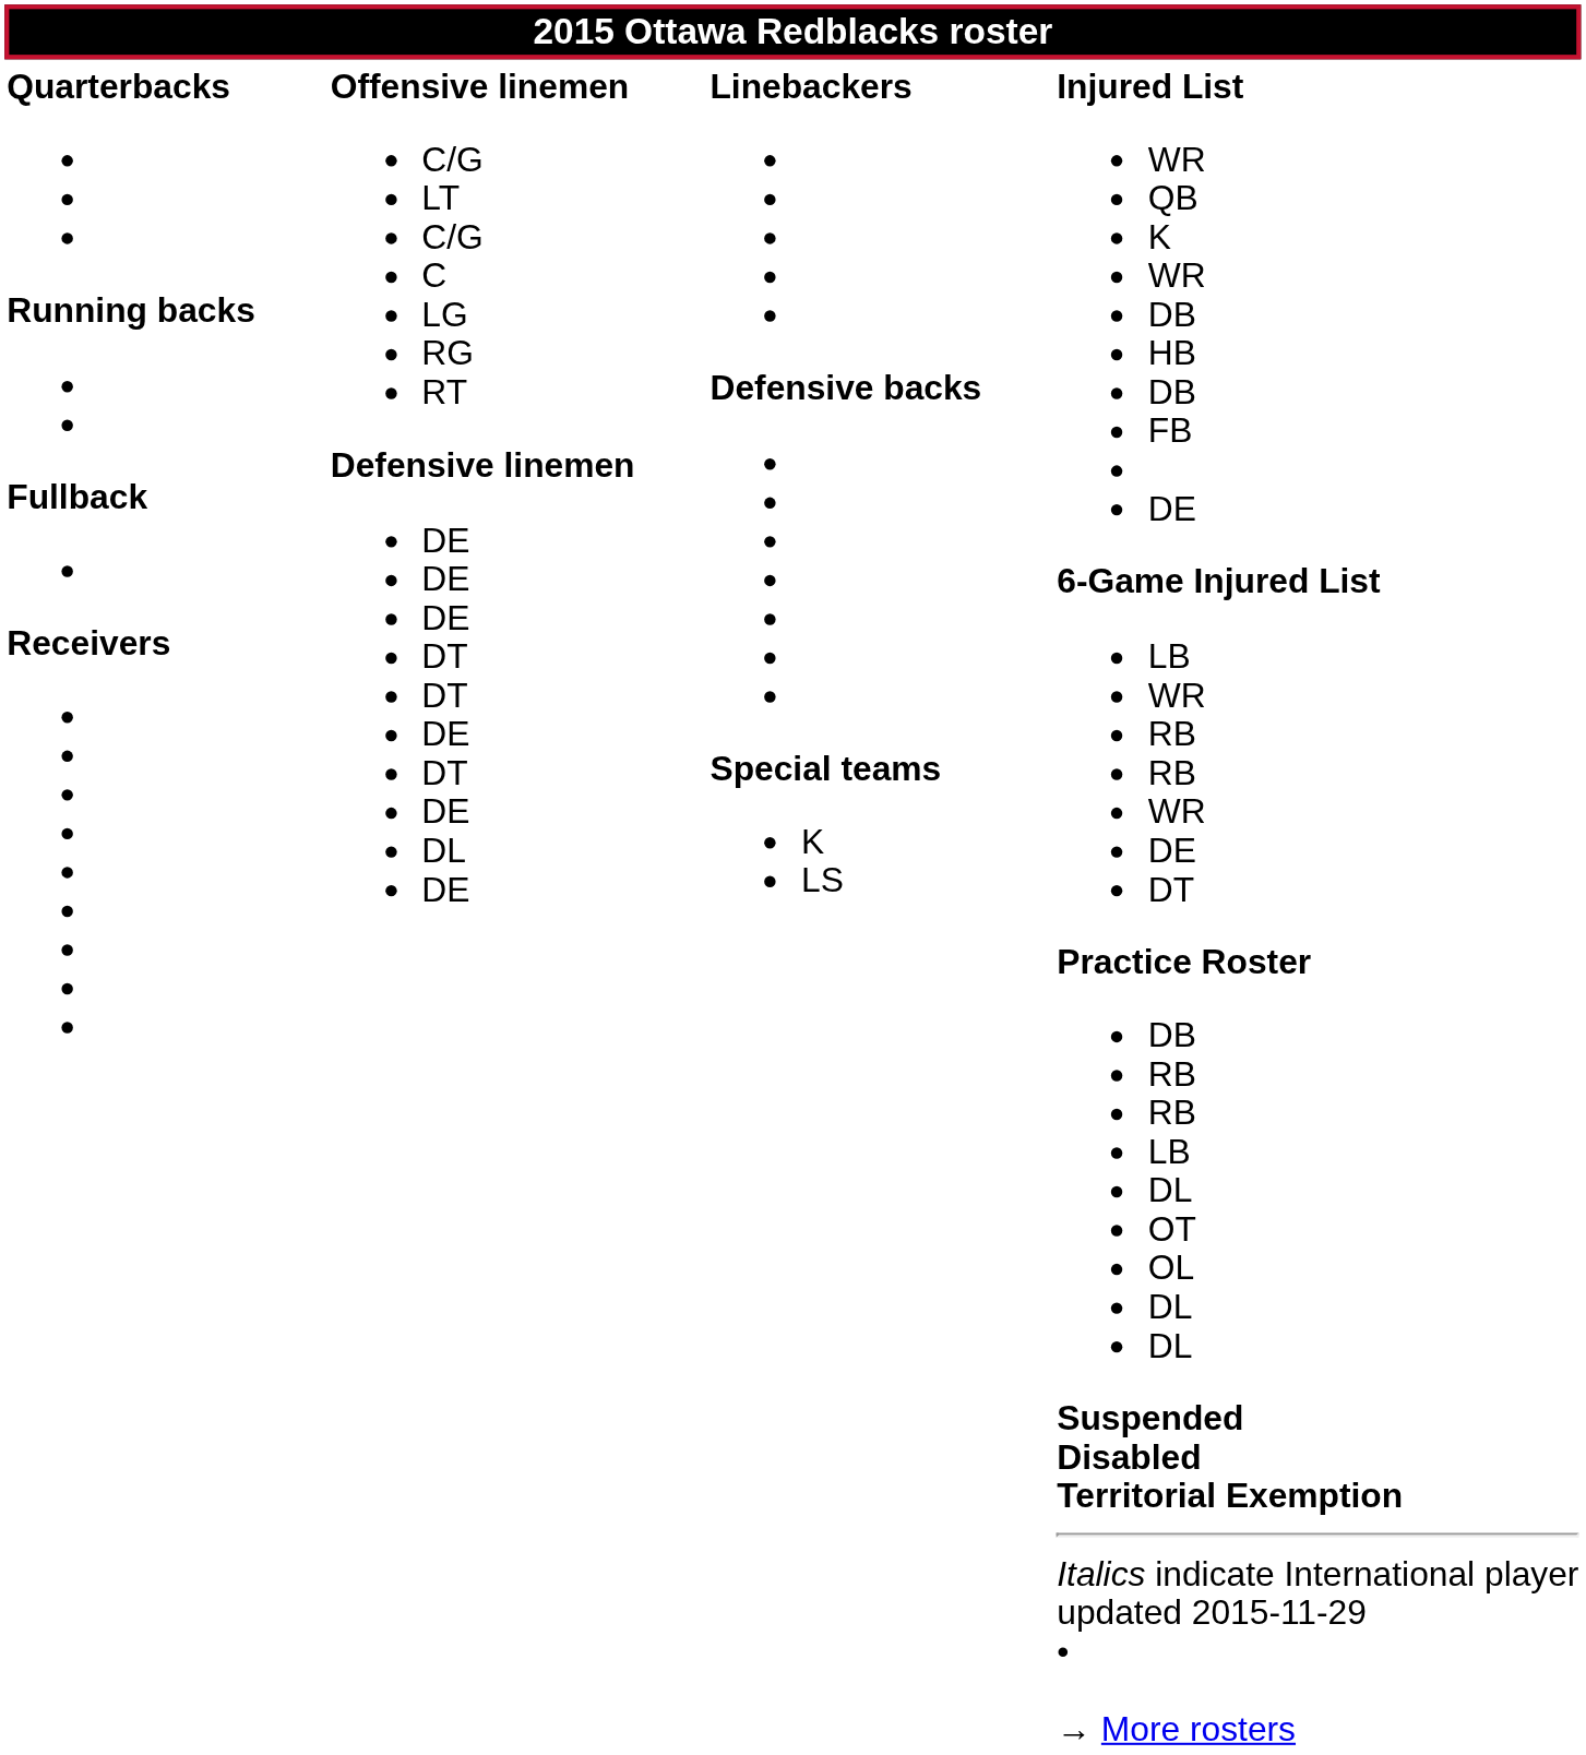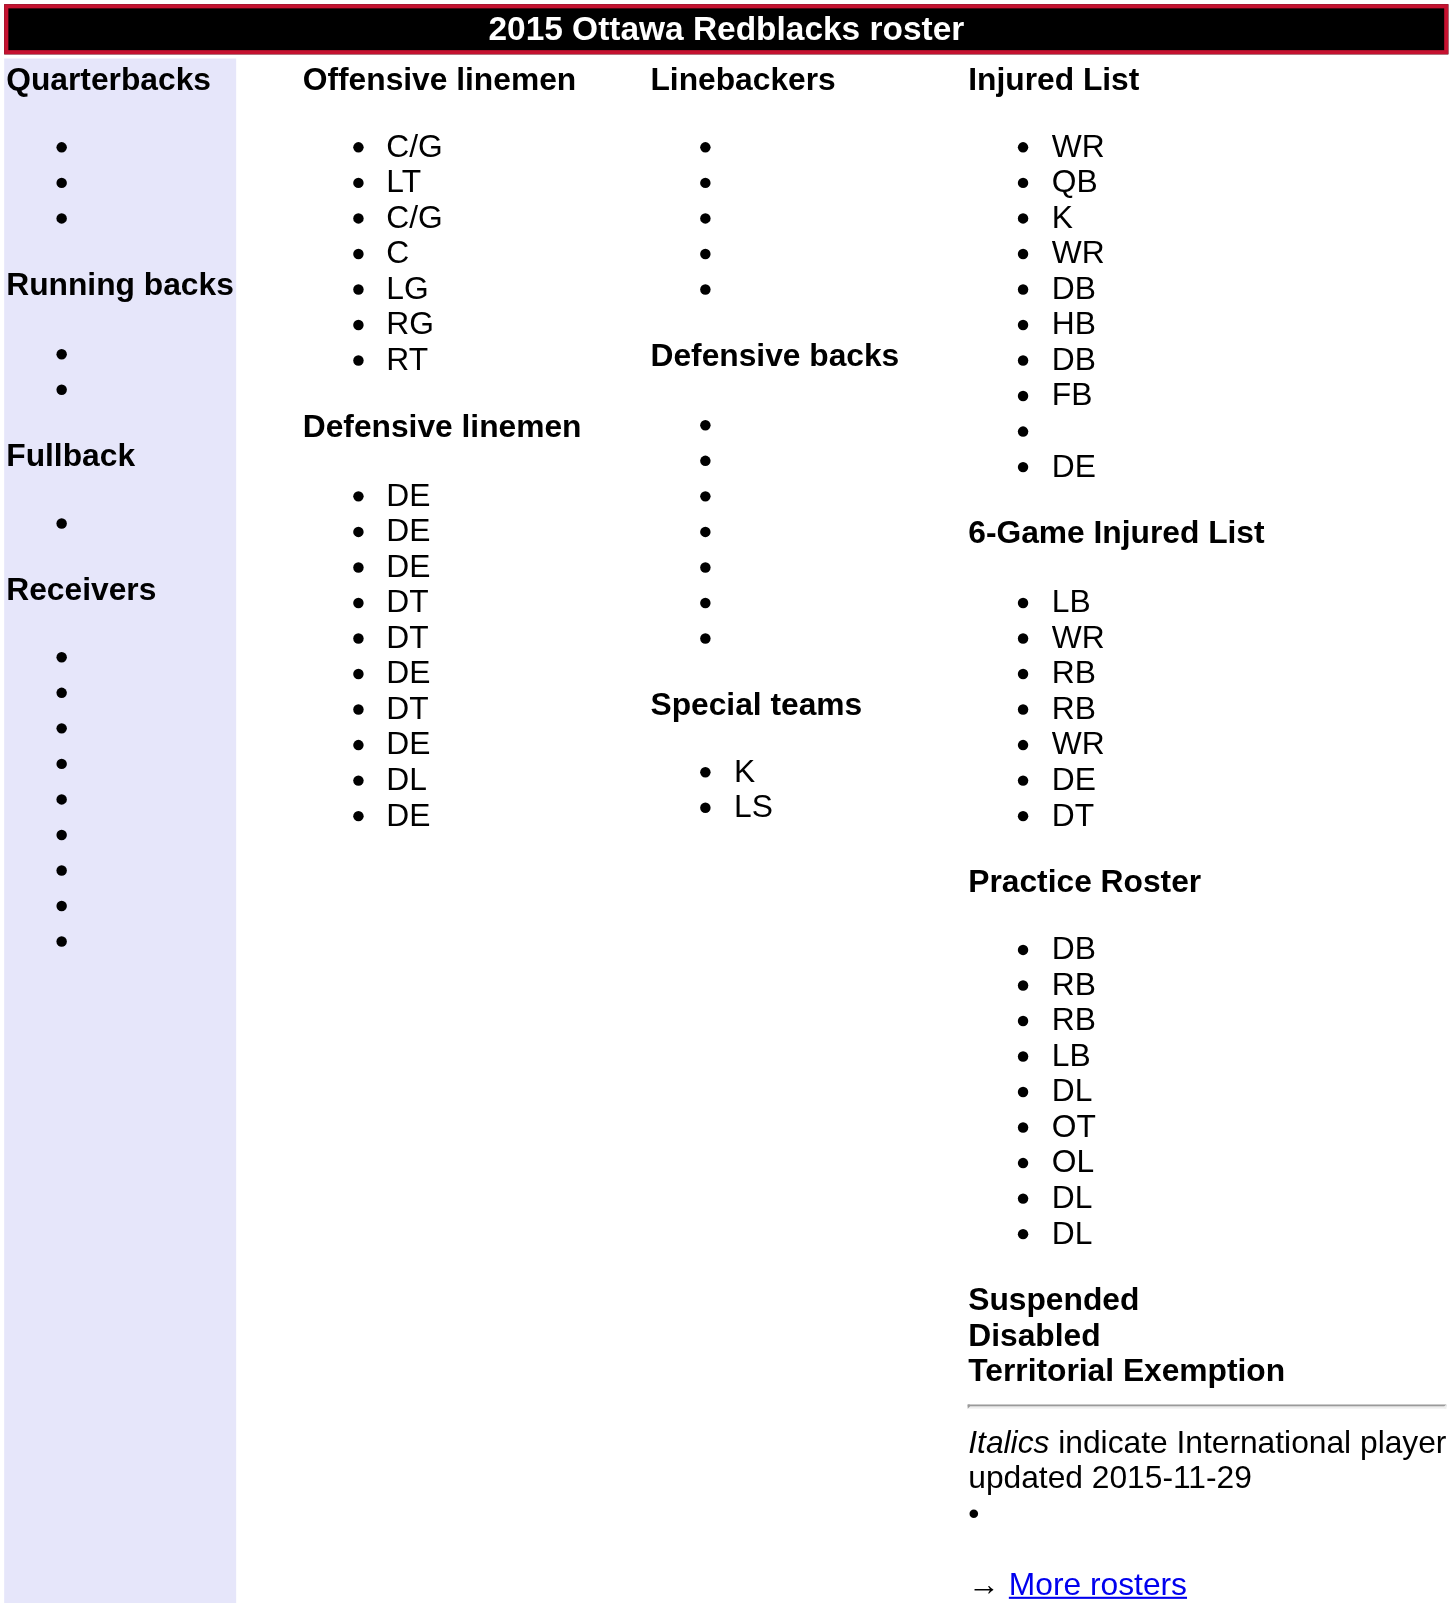 <table class="toccolours" style="text-align: left;">
 <tr>
 <th colspan="9" style="background-color: black; color:white; border:2px solid #C51230; text-align: center">2015 Ottawa Redblacks roster</th>
 </tr>
 <tr>
-<td style="font-size: 95%;vertical-align:top;"><strong>Quarterbacks</strong><br><ul><li></li><li></li><li></li></ul><strong>Running backs</strong><ul><li></li><li></li></ul><strong>Fullback</strong><ul><li></li></ul><strong>Receivers</strong><ul><li></li><li></li><li></li><li></li><li></li><li></li><li></li><li></li><li></li></ul></td>
+<td style="background: lavender; font-size: 95%;vertical-align:top;"><strong>Quarterbacks</strong><br><ul><li></li><li></li><li></li></ul><strong>Running backs</strong><ul><li></li><li></li></ul><strong>Fullback</strong><ul><li></li></ul><strong>Receivers</strong><ul><li></li><li></li><li></li><li></li><li></li><li></li><li></li><li></li><li></li></ul></td>
 <td style="width: 25px;"></td>
 <td style="font-size: 95%;vertical-align:top;"><strong>Offensive linemen</strong><br><ul><li> C/G</li><li> LT</li><li> C/G</li><li> C</li><li> LG</li><li> RG</li><li> RT</li></ul><strong>Defensive linemen</strong><ul><li> DE</li><li> DE</li><li> DE</li><li> DT</li><li> DT</li><li> DE</li><li> DT</li><li> DE</li><li> DL</li><li> DE</li></ul></td>
 <td style="width: 25px;"></td>
 <td style="font-size: 95%;vertical-align:top;"><strong>Linebackers </strong><br><ul><li></li><li></li><li></li><li></li><li></li></ul><strong>Defensive backs</strong><ul><li></li><li></li><li></li><li></li><li></li><li></li><li></li></ul><strong>Special teams</strong><ul><li> K</li><li> LS</li></ul></td>
 <td style="width: 25px;"></td>
 <td style="font-size: 95%;vertical-align:top;"><strong>Injured List</strong><br><ul><li> WR</li><li> QB</li><li> K</li><li> WR</li><li> DB</li><li> HB</li><li> DB</li><li> FB</li><li></li><li> DE</li></ul><strong>6-Game Injured List</strong><ul><li> LB</li><li> WR</li><li> RB</li><li> RB</li><li> WR</li><li> DE</li><li> DT</li></ul><strong>Practice Roster</strong><ul><li> DB</li><li> RB</li><li> RB</li><li> LB</li><li> DL</li><li> OT</li><li> OL</li><li> DL</li><li> DL</li></ul><strong>Suspended</strong><br><strong>Disabled</strong><br><strong>Territorial Exemption</strong><br><hr> <em>Italics</em> indicate International player<br> <span></span> updated 2015-11-29<br> <span></span> • <span></span><br> <br>→ <a href='#'>More rosters</a></td>
 </tr>
 <tr>
 </tr>
 </table>
